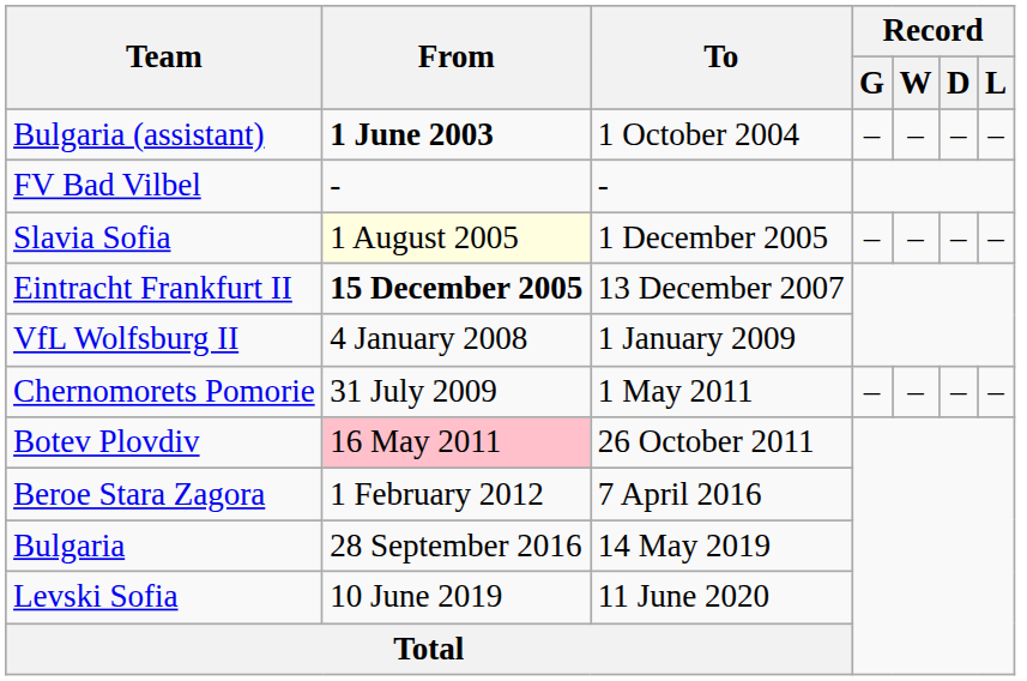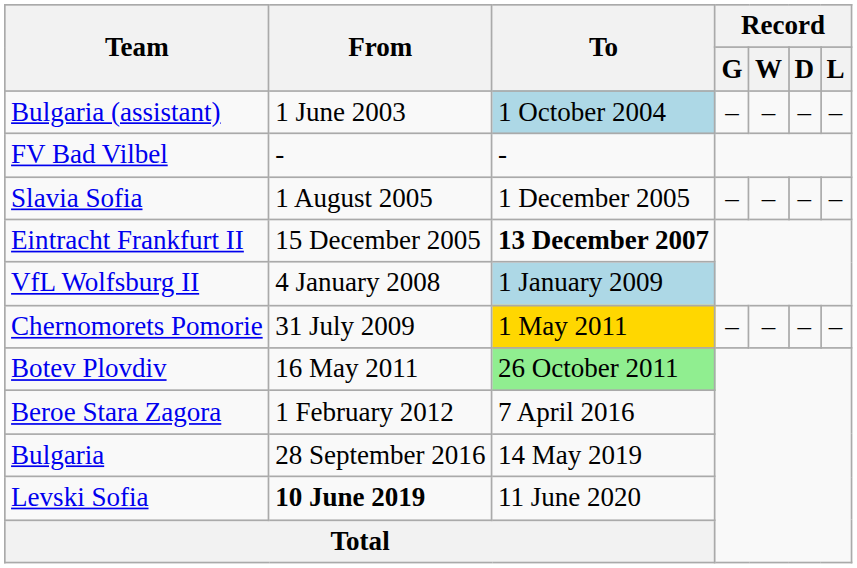 <table class="wikitable mw-collapsible" style="text-align: center">
 <tr>
 <th rowspan=2>Team</th>
 <th rowspan=2>From</th>
 <th rowspan=2>To</th>
 <th colspan="4">Record</th>
 </tr>
 <tr>
 <th>G</th>
 <th>W</th>
 <th>D</th>
 <th>L</th>
 </tr>
 <tr>
 <td align=left> <a href='#'>Bulgaria (assistant)</a></td>
-<td align=left><strong>1 June 2003</strong></td>
-<td align=left>1 October 2004</td>
+<td align=left>1 June 2003</td>
+<td align=left style="background: lightblue;">1 October 2004</td>
 <td>–</td>
 <td>–</td>
 <td>–</td>
 <td>–</td>
 </tr>
 <tr>
 <td align=left> <a href='#'>FV Bad Vilbel</a></td>
 <td align=left>-</td>
 <td align=left>-<br></td>
 </tr>
 <tr>
 <td align=left> <a href='#'>Slavia Sofia</a></td>
-<td align=left style="background: lightyellow;">1 August 2005</td>
+<td align=left>1 August 2005</td>
 <td align=left>1 December 2005</td>
 <td>–</td>
 <td>–</td>
 <td>–</td>
 <td>–</td>
 </tr>
 <tr>
 <td align=left> <a href='#'>Eintracht Frankfurt II</a></td>
-<td align=left><strong>15 December 2005</strong></td>
-<td align=left>13 December 2007<br></td>
+<td align=left>15 December 2005</td>
+<td align=left><strong>13 December 2007<br></strong></td>
 </tr>
 <tr>
 <td align=left> <a href='#'>VfL Wolfsburg II</a></td>
 <td align=left>4 January 2008</td>
-<td align=left>1 January 2009<br></td>
+<td align=left style="background: lightblue;">1 January 2009<br></td>
 </tr>
 <tr>
 <td align=left> <a href='#'>Chernomorets Pomorie</a></td>
 <td align=left>31 July 2009</td>
-<td align=left>1 May 2011</td>
+<td align=left style="background: gold;">1 May 2011</td>
 <td>–</td>
 <td>–</td>
 <td>–</td>
 <td>–</td>
 </tr>
 <tr>
 <td align=left> <a href='#'>Botev Plovdiv</a></td>
-<td align=left style="background: pink;">16 May 2011</td>
-<td align=left>26 October 2011<br></td>
+<td align=left>16 May 2011</td>
+<td align=left style="background: lightgreen;">26 October 2011<br></td>
 </tr>
 <tr>
 <td align=left> <a href='#'>Beroe Stara Zagora</a></td>
 <td align=left>1 February 2012</td>
 <td align=left>7 April 2016<br></td>
 </tr>
 <tr>
 <td align=left> <a href='#'>Bulgaria</a></td>
 <td align=left>28 September 2016</td>
 <td align=left>14 May 2019<br></td>
 </tr>
 <tr>
 <td align=left> <a href='#'>Levski Sofia</a></td>
-<td align=left>10 June 2019</td>
+<td align=left><strong>10 June 2019</strong></td>
 <td align=left>11 June 2020<br></td>
 </tr>
 <tr>
 <th colspan=3>Total<br></th>
 </tr>
 </table>
